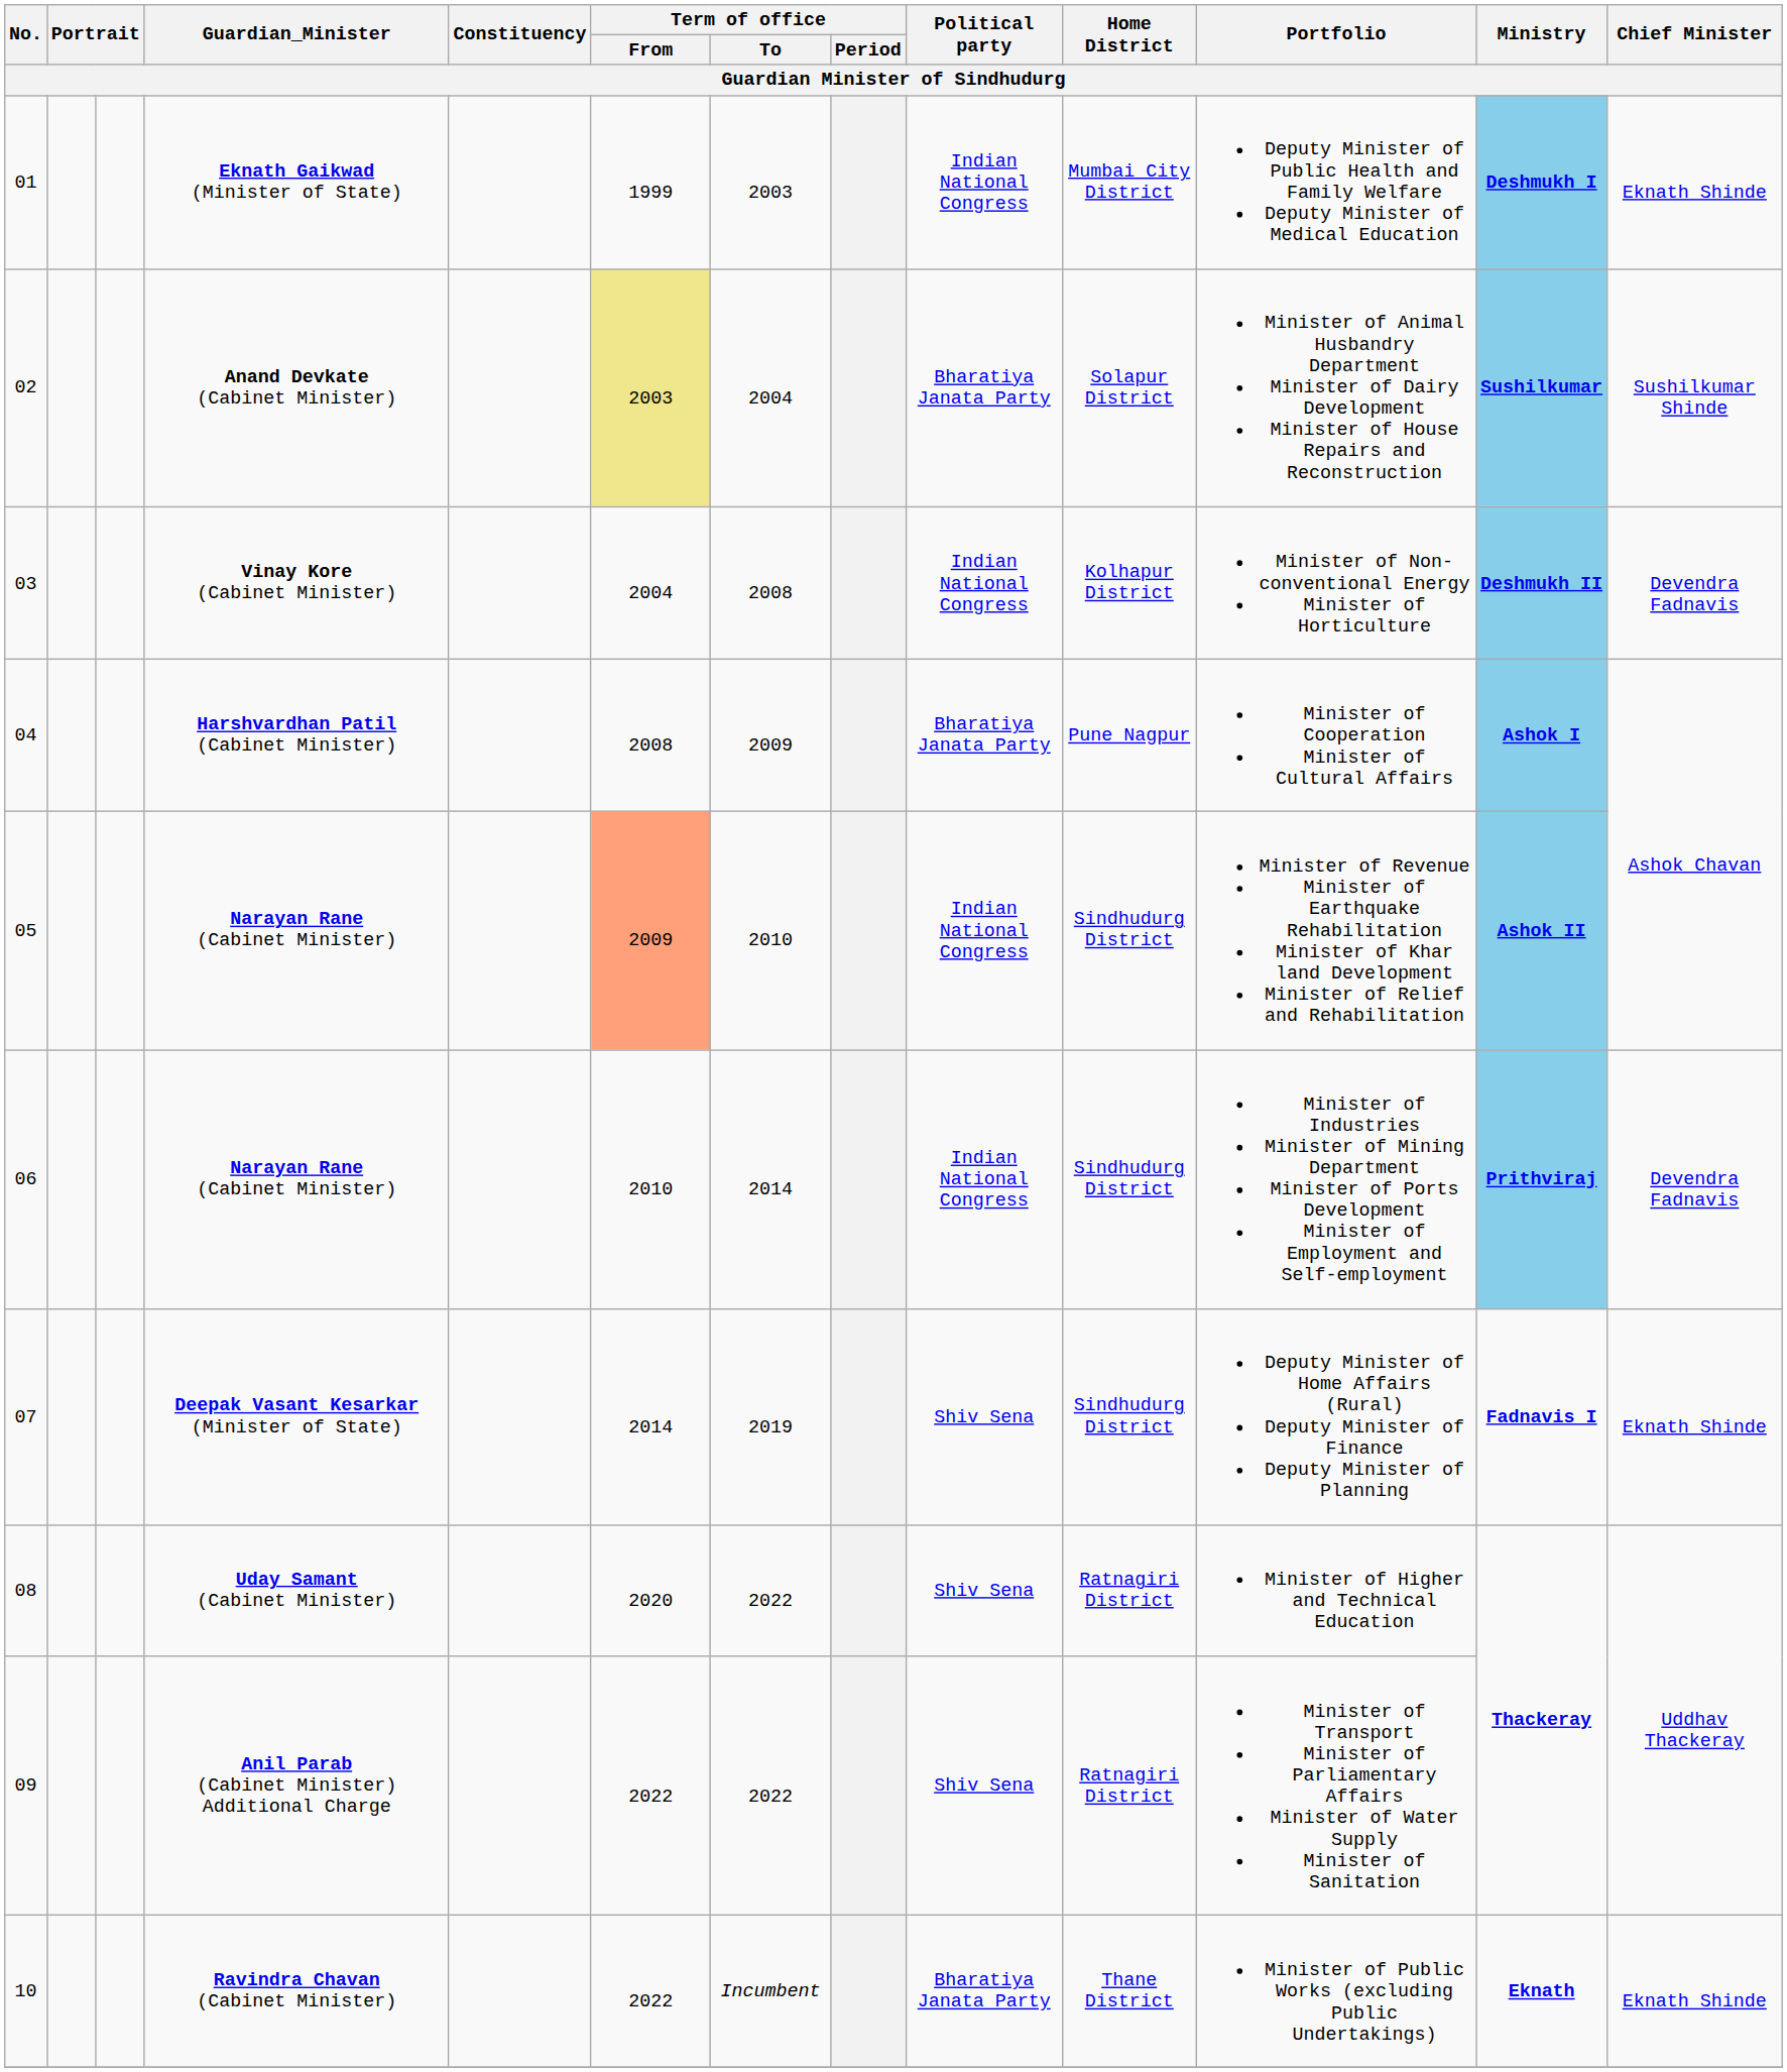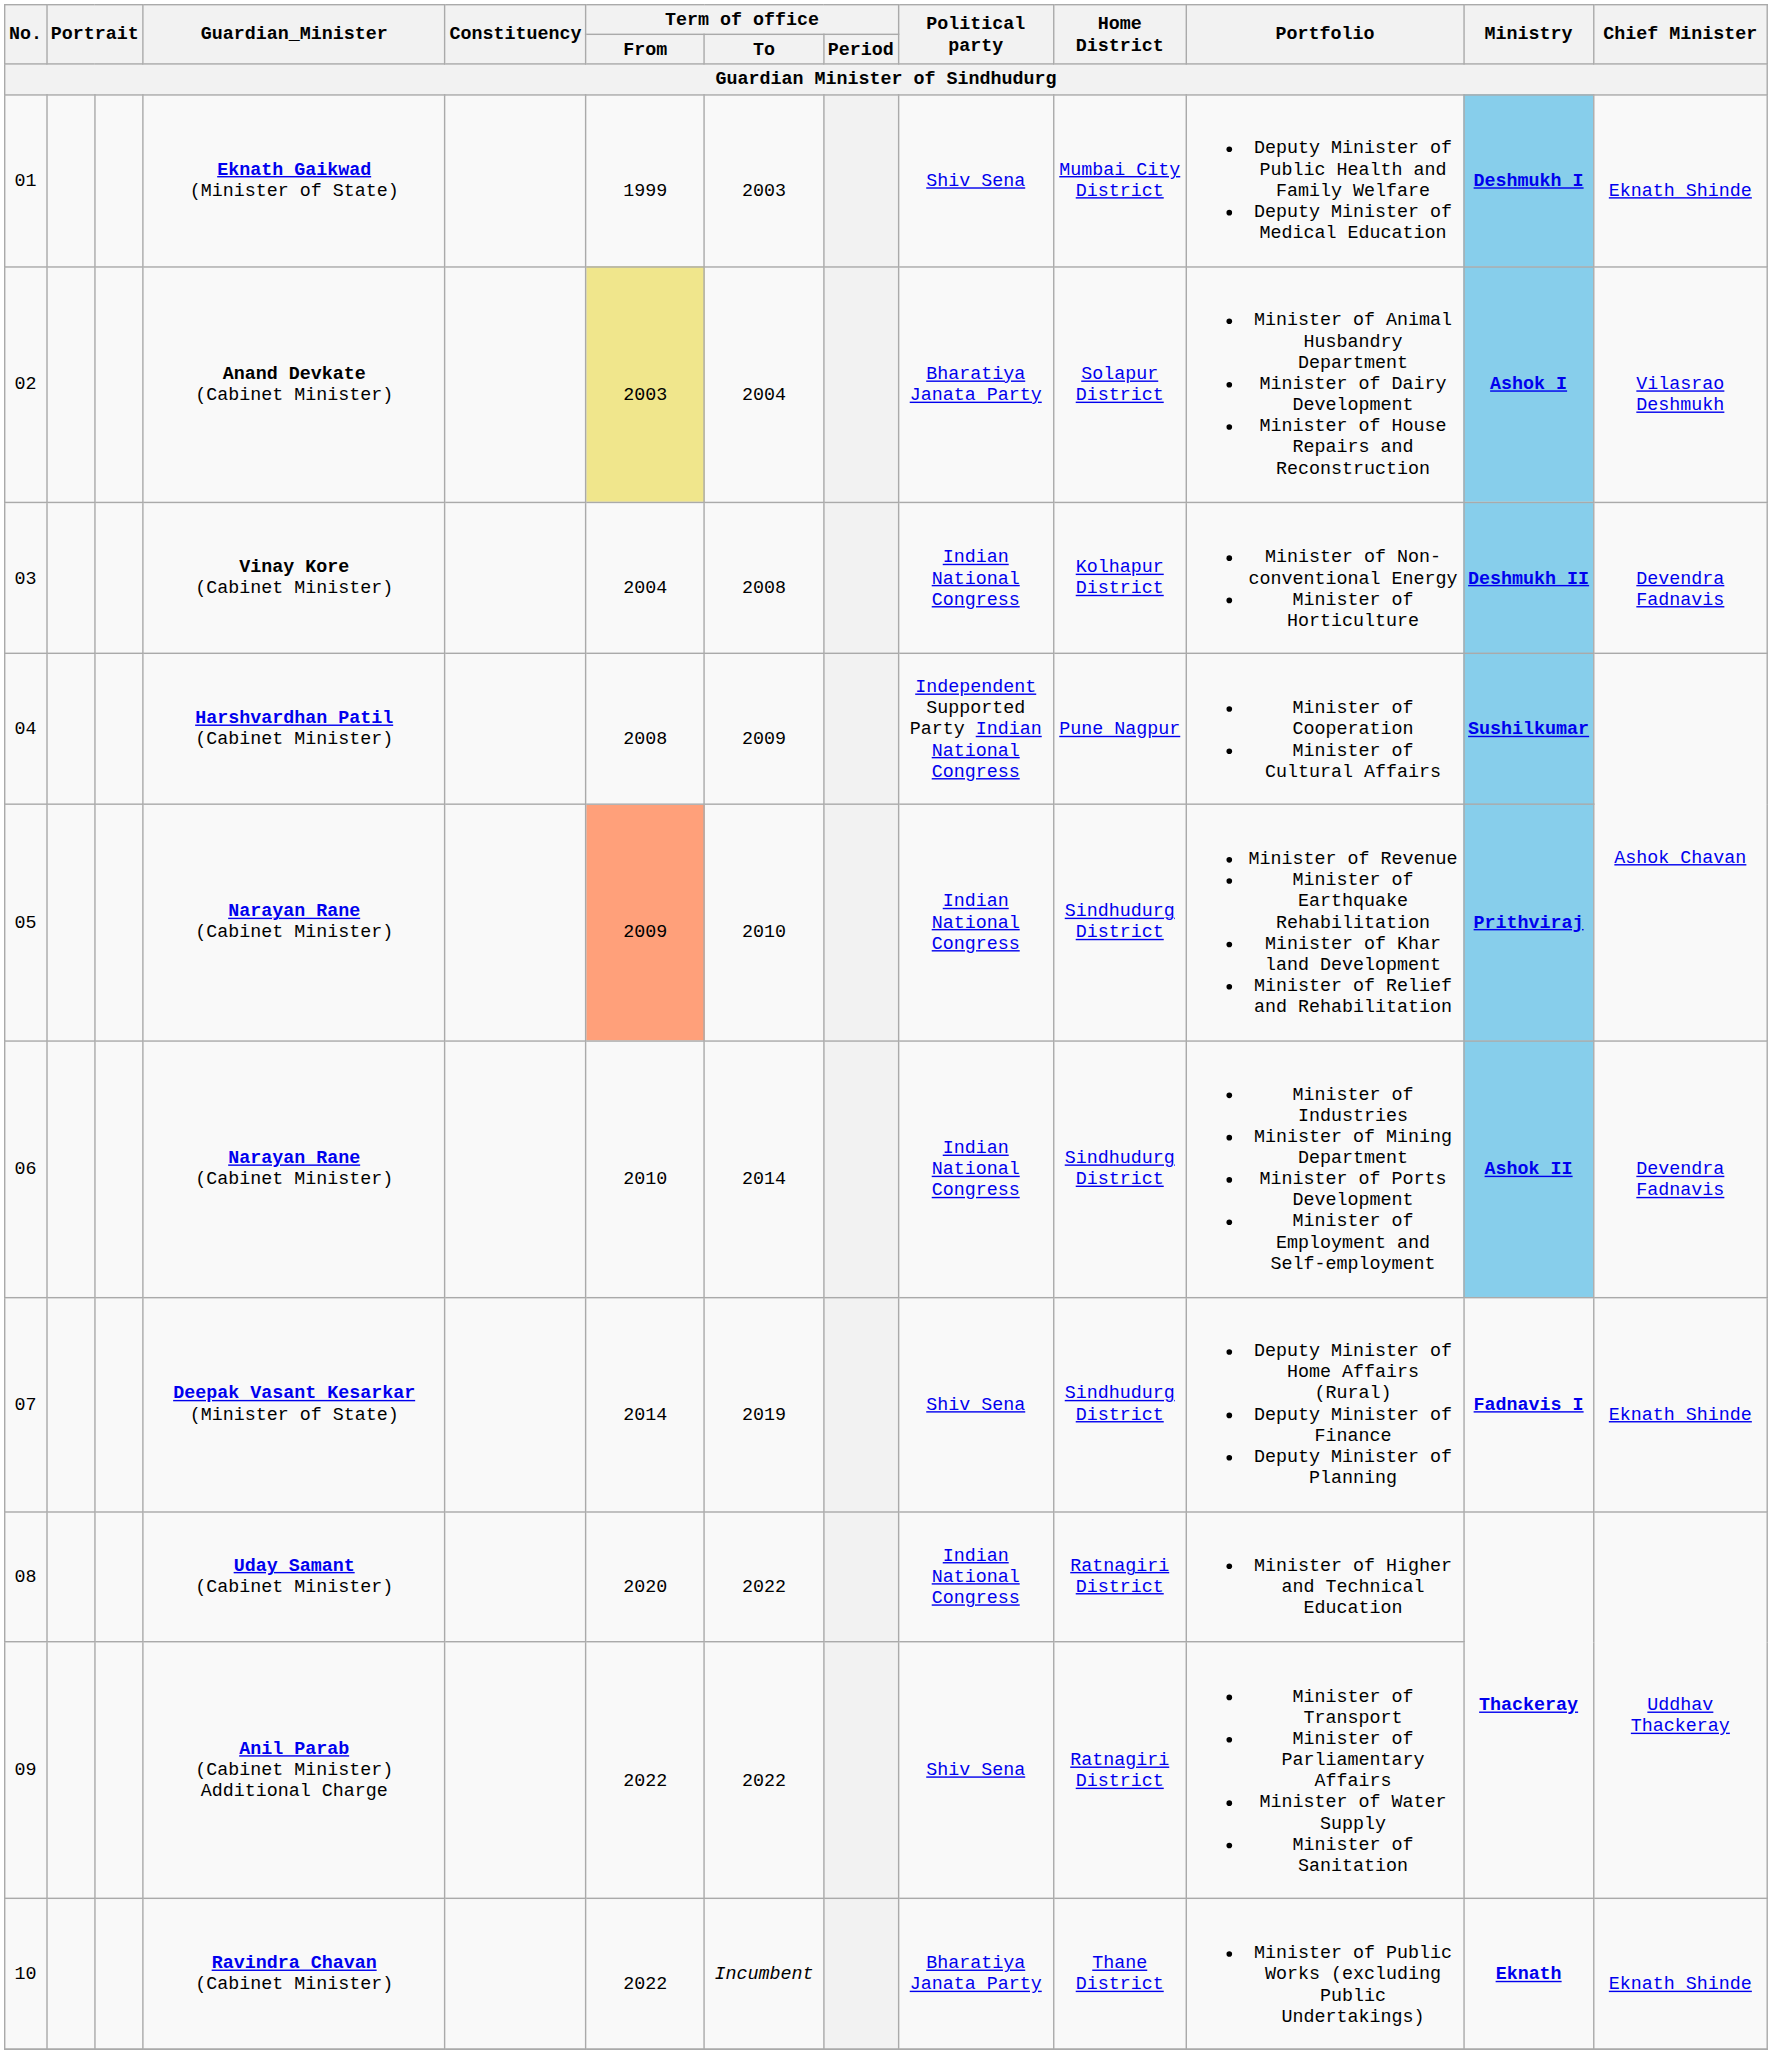 <table class="wikitable" style="text-align:center">
 <tr>
 <th rowspan="2">No.</th>
 <th rowspan="2" colspan="2">Portrait</th>
 <th rowspan="2" style="width:16em">Guardian_Minister</th>
 <th rowspan="2">Constituency</th>
 <th colspan="3">Term of office</th>
 <th rowspan="2" style="width:8em">Political party</th>
 <th rowspan="2">Home District</th>
 <th rowspan="2">Portfolio</th>
 <th rowspan="2">Ministry</th>
 <th rowspan="2" style="width:9em">Chief Minister</th>
 </tr>
 <tr>
 <th style="width:6em">From</th>
 <th style="width:6em">To</th>
 <th>Period</th>
 </tr>
 <tr>
 <th colspan="13">Guardian Minister of Sindhudurg</th>
 </tr>
 <tr>
 <td>01</td>
 <td></td>
 <td></td>
 <td><strong><a href='#'>Eknath Gaikwad</a></strong> <br> (Minister of State)</td>
 <td></td>
 <td><br>1999</td>
 <td><br>2003</td>
 <th></th>
-<td><a href='#'>Indian National Congress</a></td>
+<td><a href='#'>Shiv Sena</a></td>
 <td><a href='#'>Mumbai City District</a></td>
 <td><br><ul><li>Deputy Minister of Public Health and Family Welfare</li><li>Deputy Minister of Medical Education</li></ul></td>
 <td rowspan="1" bgcolor="#87CEEB"><a href='#'><strong>Deshmukh I</strong></a></td>
 <td rowspan="1"> <br><a href='#'>Eknath Shinde</a></td>
 </tr>
 <tr>
 <td>02</td>
 <td></td>
 <td></td>
 <td><strong>Anand Devkate</strong> <br> (Cabinet Minister)</td>
 <td></td>
 <td style="background: khaki;"><br>2003</td>
 <td><br>2004</td>
 <th></th>
 <td><a href='#'>Bharatiya Janata Party</a></td>
 <td><a href='#'>Solapur District</a></td>
 <td><br><ul><li>Minister of Animal Husbandry Department</li><li>Minister of Dairy Development</li><li>Minister of House Repairs and Reconstruction</li></ul></td>
-<td rowspan="1" bgcolor="#87CEEB"><a href='#'><strong>Sushilkumar</strong></a></td>
-<td rowspan="1"> <br><a href='#'>Sushilkumar Shinde</a></td>
+<td rowspan="1" bgcolor="#87CEEB"><a href='#'><strong>Ashok I</strong></a></td>
+<td rowspan="1"> <br><a href='#'>Vilasrao Deshmukh</a></td>
 </tr>
 <tr>
 <td>03</td>
 <td></td>
 <td></td>
 <td><strong>Vinay Kore</strong> <br> (Cabinet Minister)</td>
 <td></td>
 <td><br>2004</td>
 <td><br>2008</td>
 <th></th>
 <td><a href='#'>Indian National Congress</a></td>
 <td><a href='#'>Kolhapur District</a></td>
 <td><br><ul><li>Minister of Non-conventional Energy</li><li>Minister of Horticulture</li></ul></td>
 <td rowspan="1" bgcolor="#87CEEB"><a href='#'><strong>Deshmukh II</strong></a></td>
 <td rowspan="1"> <br><a href='#'>Devendra Fadnavis</a></td>
 </tr>
 <tr>
 <td>04</td>
 <td></td>
 <td></td>
 <td><strong><a href='#'>Harshvardhan Patil</a></strong> <br> (Cabinet Minister)</td>
 <td></td>
 <td><br>2008</td>
 <td><br>2009</td>
 <th></th>
-<td><a href='#'>Bharatiya Janata Party</a></td>
+<td><a href='#'>Independent</a> Supported Party <a href='#'>Indian National Congress</a></td>
 <td><a href='#'>Pune Nagpur</a></td>
 <td><br><ul><li>Minister of Cooperation</li><li>Minister of Cultural Affairs</li></ul></td>
-<td rowspan="1" bgcolor="#87CEEB"><a href='#'><strong>Ashok I</strong></a></td>
+<td rowspan="1" bgcolor="#87CEEB"><a href='#'><strong>Sushilkumar</strong></a></td>
 <td rowspan="2"><br><a href='#'>Ashok Chavan</a></td>
 </tr>
 <tr>
 <td>05</td>
 <td></td>
 <td></td>
 <td><strong><a href='#'>Narayan Rane</a></strong>  <br> (Cabinet Minister)</td>
 <td></td>
 <td style="background: lightsalmon;"><br>2009</td>
 <td><br>2010</td>
 <th></th>
 <td><a href='#'>Indian National Congress</a></td>
 <td><a href='#'>Sindhudurg District</a></td>
 <td><br><ul><li>Minister of Revenue</li><li>Minister of Earthquake Rehabilitation</li><li>Minister of Khar land Development</li><li>Minister of Relief and Rehabilitation</li></ul></td>
-<td rowspan="1"bgcolor="#87CEEB"><a href='#'><strong>Ashok II</strong></a></td>
+<td rowspan="1" bgcolor="#87CEEB"><a href='#'><strong>Prithviraj</strong></a></td>
 </tr>
 <tr>
 <td>06</td>
 <td></td>
 <td></td>
 <td><strong><a href='#'>Narayan Rane</a></strong> <br> (Cabinet Minister)</td>
 <td></td>
 <td><br>2010</td>
 <td><br>2014</td>
 <th></th>
 <td><a href='#'>Indian National Congress</a></td>
 <td><a href='#'>Sindhudurg District</a></td>
 <td><br><ul><li>Minister of Industries</li><li>Minister of Mining Department</li><li>Minister of Ports Development</li><li>Minister of Employment and Self-employment</li></ul></td>
-<td rowspan="1" bgcolor="#87CEEB"><a href='#'><strong>Prithviraj</strong></a></td>
+<td rowspan="1"bgcolor="#87CEEB"><a href='#'><strong>Ashok II</strong></a></td>
 <td rowspan="1"> <br><a href='#'>Devendra Fadnavis</a></td>
 </tr>
 <tr>
 <td>07</td>
 <td></td>
 <td></td>
 <td><strong><a href='#'>Deepak Vasant Kesarkar</a></strong> <br> (Minister of State)</td>
 <td></td>
 <td><br>2014</td>
 <td><br>2019</td>
 <th></th>
 <td rowspan="1"><a href='#'>Shiv Sena</a></td>
 <td><a href='#'>Sindhudurg District</a></td>
 <td><br><ul><li>Deputy Minister of Home Affairs (Rural)</li><li>Deputy Minister of Finance</li><li>Deputy Minister of Planning</li></ul></td>
 <td rowspan="1"><a href='#'><strong>Fadnavis I</strong></a></td>
 <td rowspan="1"> <br><a href='#'>Eknath Shinde</a></td>
 </tr>
 <tr>
 <td>08</td>
 <td></td>
 <td></td>
 <td><strong><a href='#'>Uday Samant</a></strong> <br> (Cabinet Minister)</td>
 <td></td>
 <td><br>2020</td>
 <td><br>2022</td>
 <th></th>
-<td><a href='#'>Shiv Sena</a></td>
+<td><a href='#'>Indian National Congress</a></td>
 <td><a href='#'>Ratnagiri District</a></td>
 <td><br><ul><li>Minister of Higher and Technical Education</li></ul></td>
 <td rowspan="2"><a href='#'><strong>Thackeray</strong></a></td>
 <td rowspan="2"> <br><a href='#'>Uddhav Thackeray</a></td>
 </tr>
 <tr>
 <td>09</td>
 <td></td>
 <td></td>
 <td><strong><a href='#'>Anil Parab</a></strong> <br> (Cabinet Minister) <br> Additional Charge</td>
 <td></td>
 <td><br>2022</td>
 <td><br>2022</td>
 <th></th>
 <td><a href='#'>Shiv Sena</a></td>
 <td><a href='#'>Ratnagiri District</a></td>
 <td><br><ul><li>Minister of Transport</li><li>Minister of Parliamentary Affairs</li><li>Minister of Water Supply</li><li>Minister of Sanitation</li></ul></td>
 </tr>
 <tr>
 <td>10</td>
 <td></td>
 <td></td>
 <td><strong><a href='#'>Ravindra Chavan</a></strong> <br> (Cabinet Minister)</td>
 <td></td>
 <td><br>2022</td>
 <td><em>Incumbent</em></td>
 <th></th>
 <td><a href='#'>Bharatiya Janata Party</a></td>
 <td><a href='#'>Thane District</a></td>
 <td><br><ul><li>Minister of Public Works (excluding Public Undertakings)</li></ul></td>
 <td rowspan="1"><a href='#'><strong>Eknath</strong></a></td>
 <td rowspan="1"> <br><a href='#'>Eknath Shinde</a></td>
 </tr>
 <tr>
 </tr>
 </table>
